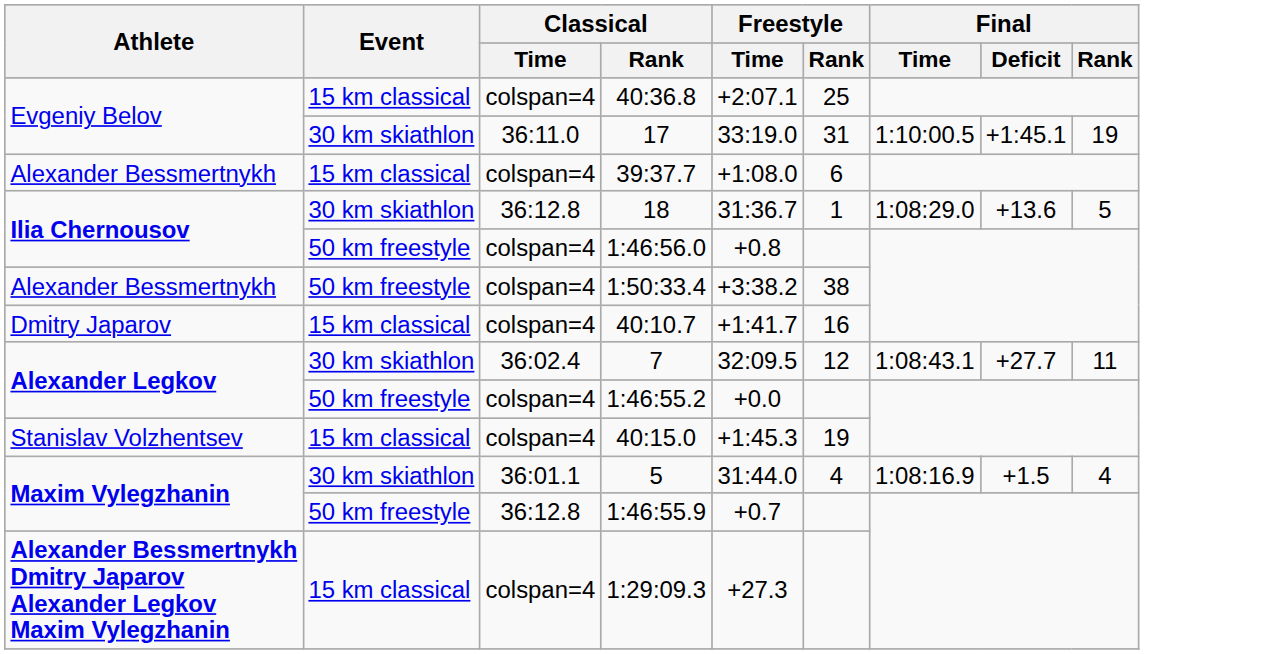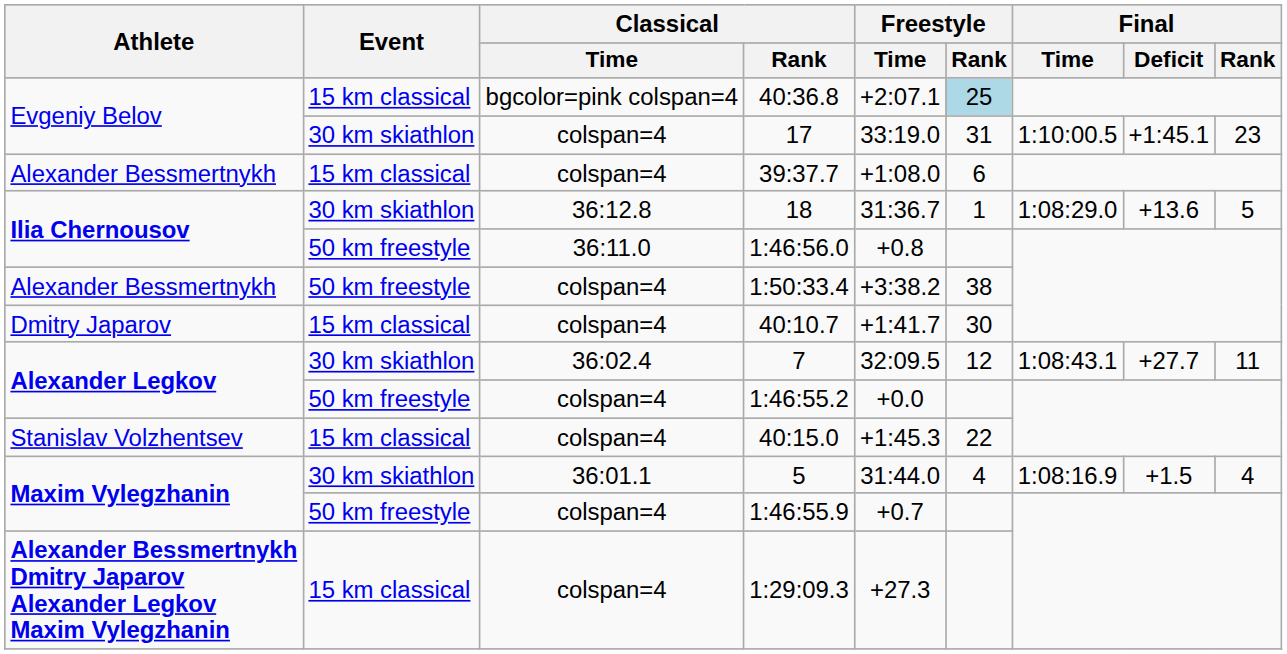 <table class="wikitable" style="font-size:90%">
 <tr>
 <th rowspan=2>Athlete</th>
 <th rowspan=2>Event</th>
 <th colspan=2>Classical</th>
 <th colspan=2>Freestyle</th>
 <th colspan=3>Final</th>
 </tr>
 <tr style="font-size: 95%">
 <th>Time</th>
 <th>Rank</th>
 <th>Time</th>
 <th>Rank</th>
 <th>Time</th>
 <th>Deficit</th>
 <th>Rank</th>
 </tr>
 <tr align=center>
 <td align=left rowspan=2><a href='#'>Evgeniy Belov</a></td>
 <td align=left><a href='#'>15 km classical</a></td>
-<td>colspan=4 </td>
+<td>bgcolor=pink colspan=4 </td>
 <td>40:36.8</td>
 <td>+2:07.1</td>
-<td>25</td>
+<td style="background: lightblue;">25</td>
 </tr>
 <tr align=center>
 <td align=left><a href='#'>30 km skiathlon</a></td>
-<td>36:11.0</td>
+<td>colspan=4 </td>
 <td>17</td>
 <td>33:19.0</td>
 <td>31</td>
 <td>1:10:00.5</td>
 <td>+1:45.1</td>
-<td>19</td>
+<td>23</td>
 </tr>
 <tr align=center>
 <td align=left><a href='#'>Alexander Bessmertnykh</a></td>
 <td align=left><a href='#'>15 km classical</a></td>
 <td>colspan=4 </td>
 <td>39:37.7</td>
 <td>+1:08.0</td>
 <td>6</td>
 </tr>
 <tr align=center>
 <td align=left rowspan=2><strong><a href='#'>Ilia Chernousov</a></strong></td>
 <td align=left><a href='#'>30 km skiathlon</a></td>
 <td>36:12.8</td>
 <td>18</td>
 <td>31:36.7</td>
 <td>1</td>
 <td>1:08:29.0</td>
 <td>+13.6</td>
 <td>5</td>
 </tr>
 <tr align=center>
 <td align=left><a href='#'>50 km freestyle</a></td>
-<td>colspan=4 </td>
+<td>36:11.0</td>
 <td>1:46:56.0</td>
 <td>+0.8</td>
 <td></td>
 </tr>
 <tr align=center>
 <td align=left><a href='#'>Alexander Bessmertnykh</a></td>
 <td align=left><a href='#'>50 km freestyle</a></td>
 <td>colspan=4 </td>
 <td>1:50:33.4</td>
 <td>+3:38.2</td>
 <td>38</td>
 </tr>
 <tr align=center>
 <td align=left><a href='#'>Dmitry Japarov</a></td>
 <td align=left><a href='#'>15 km classical</a></td>
 <td>colspan=4 </td>
 <td>40:10.7</td>
 <td>+1:41.7</td>
-<td>16</td>
+<td>30</td>
 </tr>
 <tr align=center>
 <td align=left rowspan=2><strong><a href='#'>Alexander Legkov</a></strong></td>
 <td align=left><a href='#'>30 km skiathlon</a></td>
 <td>36:02.4</td>
 <td>7</td>
 <td>32:09.5</td>
 <td>12</td>
 <td>1:08:43.1</td>
 <td>+27.7</td>
 <td>11</td>
 </tr>
 <tr align=center>
 <td align=left><a href='#'>50 km freestyle</a></td>
 <td>colspan=4 </td>
 <td>1:46:55.2</td>
 <td>+0.0</td>
 <td></td>
 </tr>
 <tr align=center>
 <td align=left><a href='#'>Stanislav Volzhentsev</a></td>
 <td align=left><a href='#'>15 km classical</a></td>
 <td>colspan=4 </td>
 <td>40:15.0</td>
 <td>+1:45.3</td>
-<td>19</td>
+<td>22</td>
 </tr>
 <tr align=center>
 <td align=left rowspan=2><strong><a href='#'>Maxim Vylegzhanin</a></strong></td>
 <td align=left><a href='#'>30 km skiathlon</a></td>
 <td>36:01.1</td>
 <td>5</td>
 <td>31:44.0</td>
 <td>4</td>
 <td>1:08:16.9</td>
 <td>+1.5</td>
 <td>4</td>
 </tr>
 <tr align=center>
 <td align=left><a href='#'>50 km freestyle</a></td>
-<td>36:12.8</td>
+<td>colspan=4 </td>
 <td>1:46:55.9</td>
 <td>+0.7</td>
 <td></td>
 </tr>
 <tr align=center>
 <td align=left><strong><a href='#'>Alexander Bessmertnykh</a><br><a href='#'>Dmitry Japarov</a><br><a href='#'>Alexander Legkov</a><br><a href='#'>Maxim Vylegzhanin</a></strong></td>
 <td align=left><a href='#'>15 km classical</a></td>
 <td>colspan=4 </td>
 <td>1:29:09.3</td>
 <td>+27.3</td>
 <td></td>
 </tr>
 </table>
